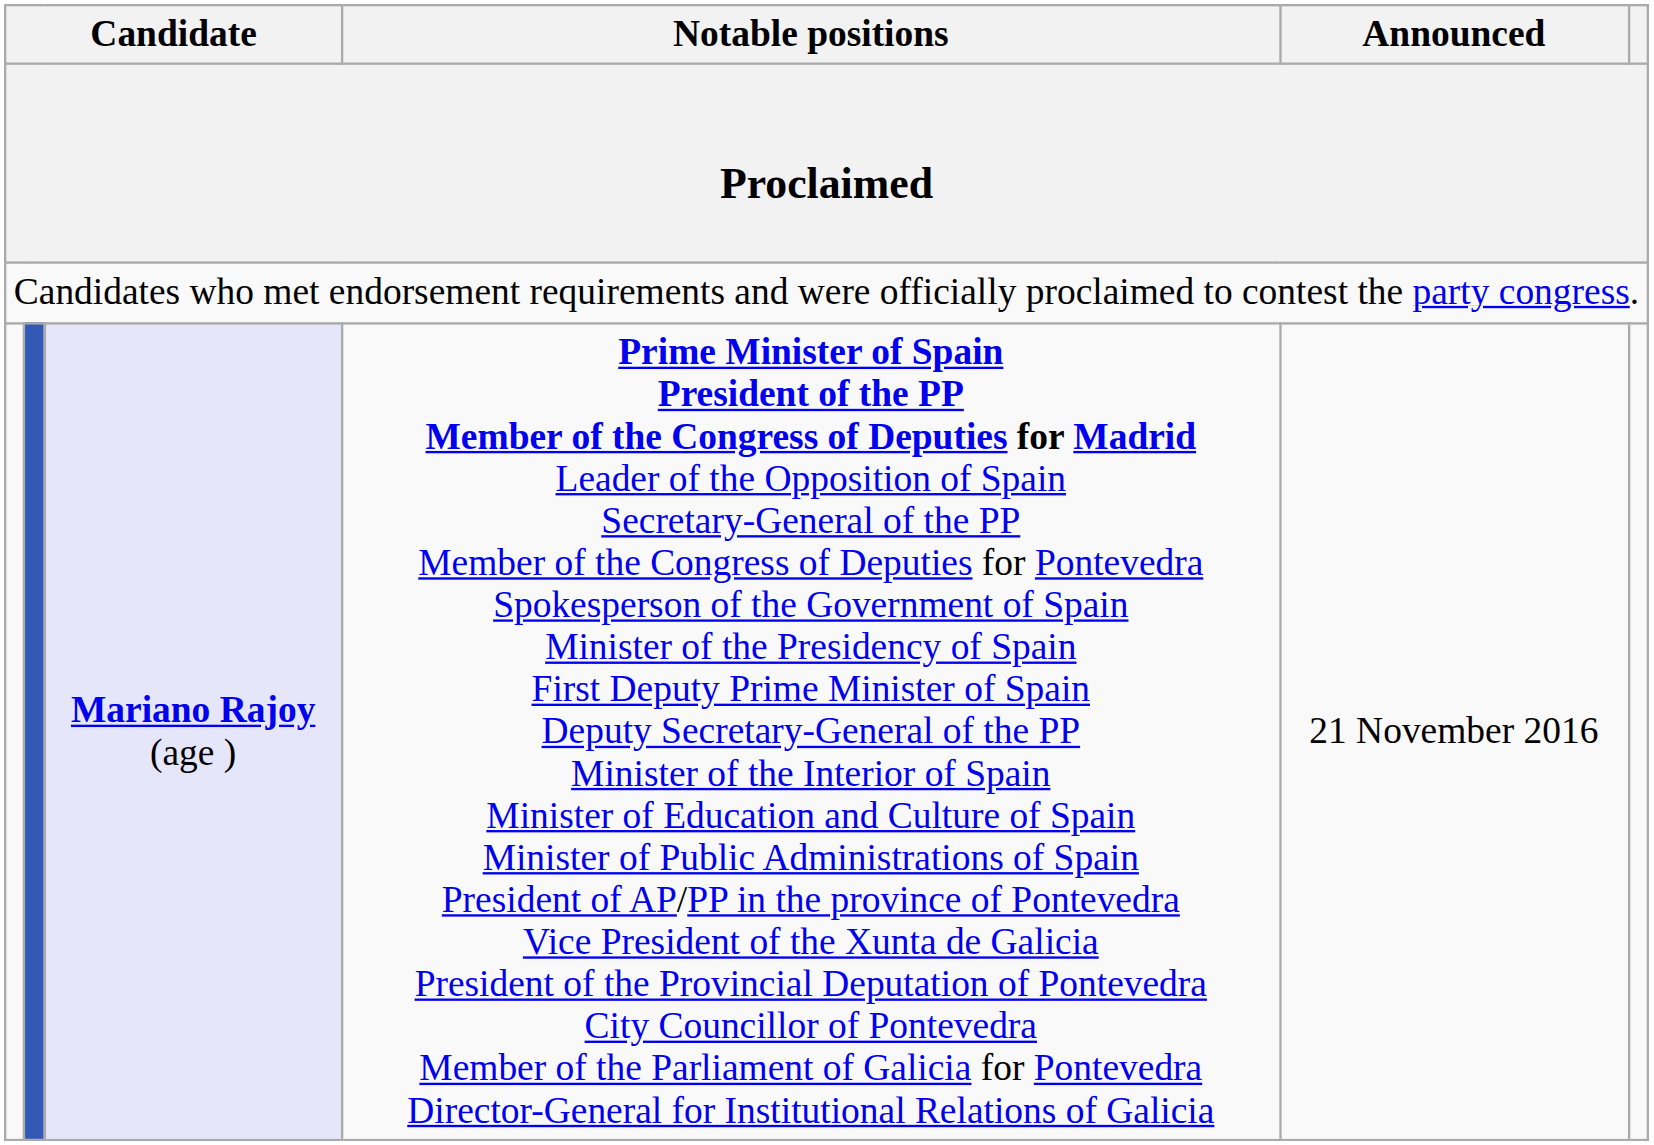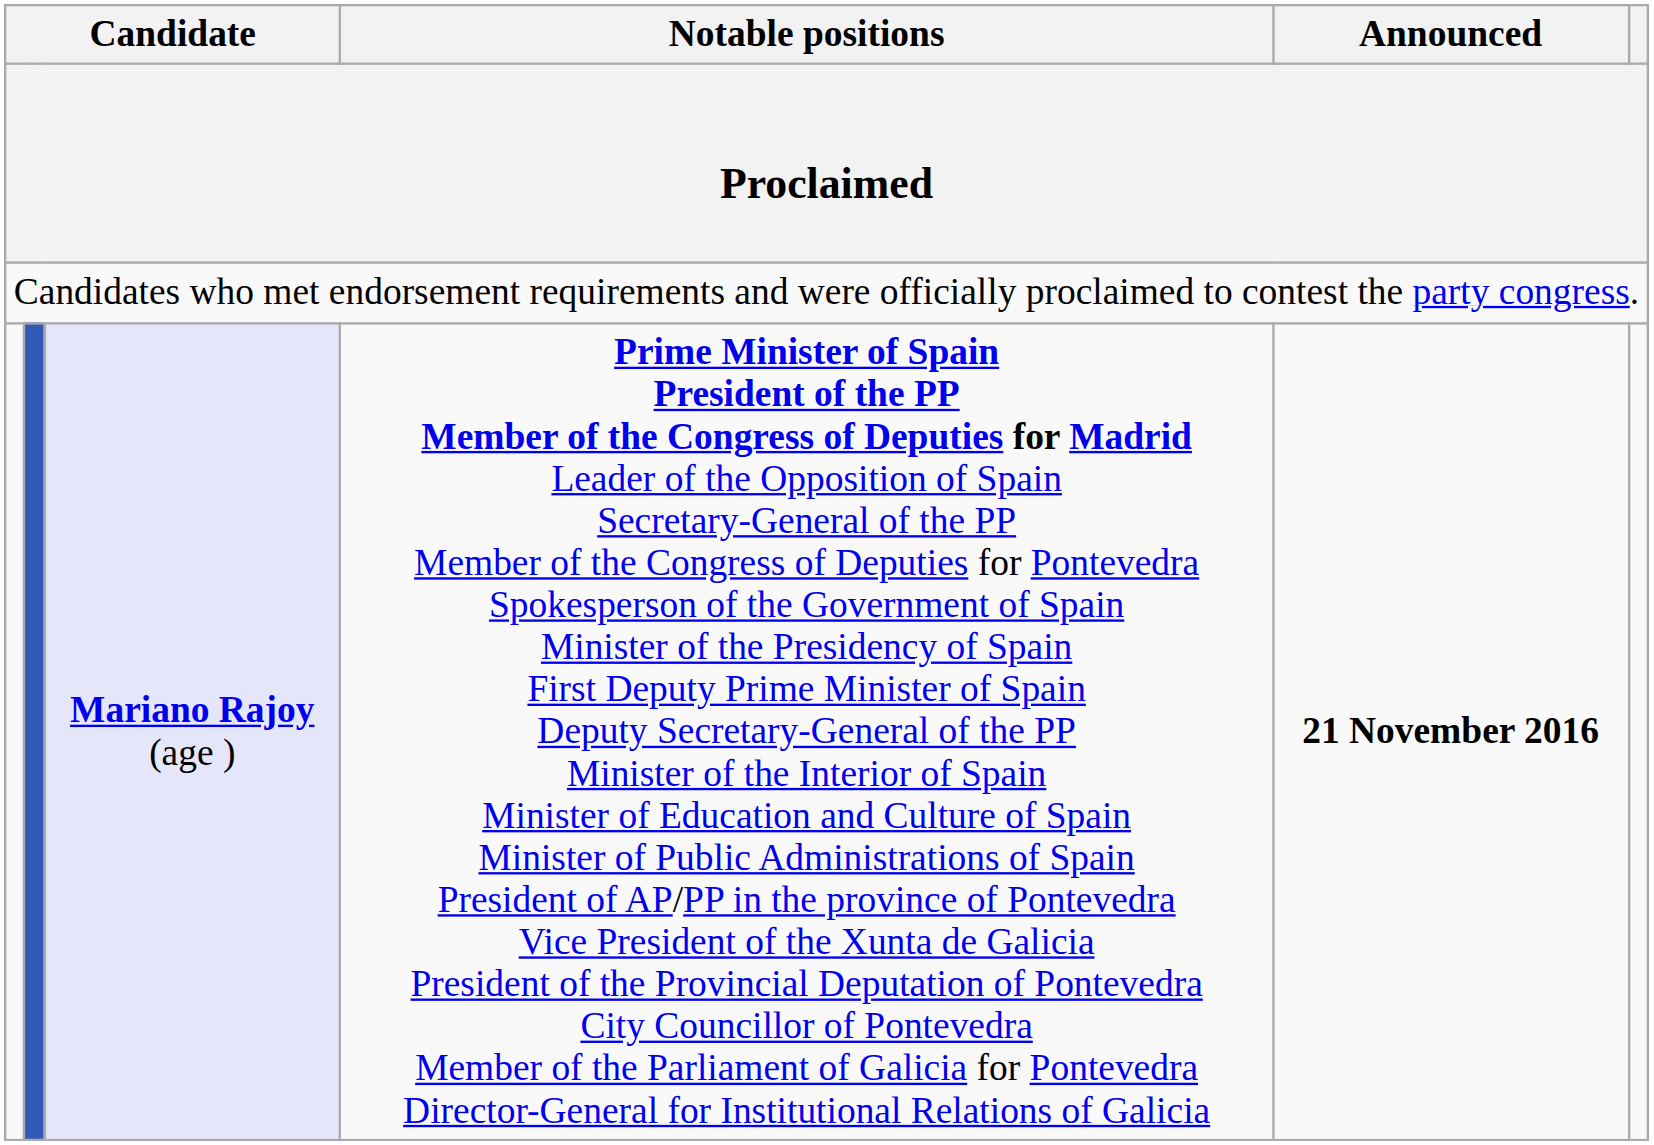 <table class="wikitable" style="text-align:center;">
 <tr>
 <th colspan="3">Candidate</th>
 <th>Notable positions</th>
 <th>Announced</th>
 <th></th>
 </tr>
 <tr>
 <th colspan="6"><br><h3>Proclaimed</h3></th>
 </tr>
 <tr>
 <td colspan="6">Candidates who met endorsement requirements and were officially proclaimed to contest the <a href='#'>party congress</a>.</td>
 </tr>
 <tr>
 <td></td>
 <td width="1px" style="color:inherit;background:#3259B6;"></td>
 <td style="background: lavender;"><strong><a href='#'>Mariano Rajoy</a></strong><br>(age )</td>
 <td><strong><a href='#'>Prime Minister of Spain</a> <br><a href='#'>President of the PP</a> <br><a href='#'>Member of the Congress of Deputies</a> for <a href='#'>Madrid</a> </strong><br><a href='#'>Leader of the Opposition of Spain</a> <br><a href='#'>Secretary-General of the PP</a> <br><a href='#'>Member of the Congress of Deputies</a> for <a href='#'>Pontevedra</a> <br><a href='#'>Spokesperson of the Government of Spain</a> <br><a href='#'>Minister of the Presidency of Spain</a> <br><a href='#'>First Deputy Prime Minister of Spain</a> <br><a href='#'>Deputy Secretary-General of the PP</a> <br><a href='#'>Minister of the Interior of Spain</a> <br><a href='#'>Minister of Education and Culture of Spain</a> <br><a href='#'>Minister of Public Administrations of Spain</a> <br><a href='#'>President of AP</a>/<a href='#'>PP in the province of Pontevedra</a> <br><a href='#'>Vice President of the Xunta de Galicia</a> <br><a href='#'>President of the Provincial Deputation of Pontevedra</a> <br><a href='#'>City Councillor of Pontevedra</a> <br><a href='#'>Member of the Parliament of Galicia</a> for <a href='#'>Pontevedra</a> <br><a href='#'>Director-General for Institutional Relations of Galicia</a> </td>
-<td>21 November 2016</td>
+<td><strong>21 November 2016</strong></td>
 <td></td>
 </tr>
 </table>
